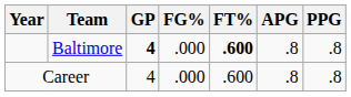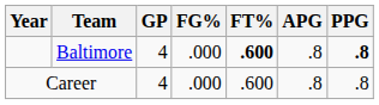 <table class="wikitable sortable" style="font-size:95%; text-align:right;">
 <tr>
 <th>Year</th>
 <th>Team</th>
 <th>GP</th>
 <th>FG%</th>
 <th>FT%</th>
 <th>APG</th>
 <th>PPG</th>
 </tr>
 <tr>
 <td style="text-align:left;"></td>
 <td style="text-align:left;"><a href='#'>Baltimore</a></td>
-<td><strong>4</strong></td>
+<td>4</td>
 <td>.000</td>
 <td><strong>.600</strong></td>
 <td>.8</td>
-<td>.8</td>
+<td><strong>.8</strong></td>
 </tr>
 <tr>
 <td style="text-align:center;" colspan="2">Career</td>
 <td>4</td>
 <td>.000</td>
 <td>.600</td>
 <td>.8</td>
 <td>.8</td>
 </tr>
 <tr>
 </tr>
 </table>
